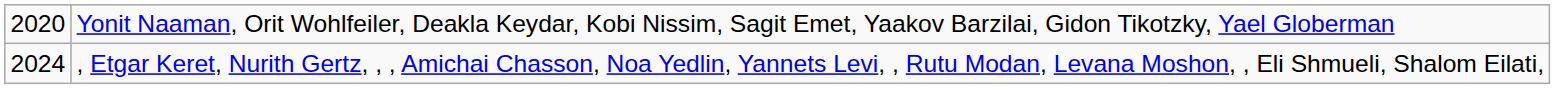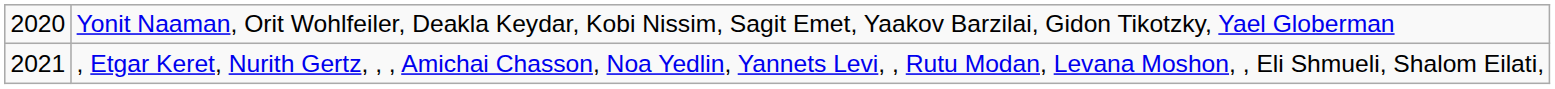 <table class="wikitable">
 <tr>
 <td>2020</td>
 <td><a href='#'>Yonit Naaman</a>, Orit Wohlfeiler, Deakla Keydar, Kobi Nissim, Sagit Emet, Yaakov Barzilai, Gidon Tikotzky, <a href='#'>Yael Globerman</a></td>
 </tr>
 <tr>
-<td>2024</td>
+<td>2021</td>
 <td>, <a href='#'>Etgar Keret</a>, <a href='#'>Nurith Gertz</a>, , , <a href='#'>Amichai Chasson</a>, <a href='#'>Noa Yedlin</a>, <a href='#'>Yannets Levi</a>, , <a href='#'>Rutu Modan</a>, <a href='#'>Levana Moshon</a>, , Eli Shmueli, Shalom Eilati, </td>
 </tr>
 </table>
